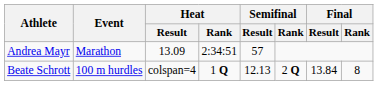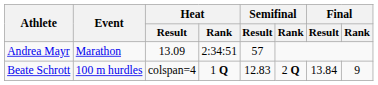 <table class="wikitable" style="font-size:90%">
 <tr>
 <th rowspan="2">Athlete</th>
 <th rowspan="2">Event</th>
 <th colspan="2">Heat</th>
 <th colspan="2">Semifinal</th>
 <th colspan="2">Final</th>
 </tr>
 <tr style="font-size:95%">
 <th>Result</th>
 <th>Rank</th>
 <th>Result</th>
 <th>Rank</th>
 <th>Result</th>
 <th>Rank</th>
 </tr>
 <tr align=center>
 <td align=left><a href='#'>Andrea Mayr</a></td>
 <td align=left><a href='#'>Marathon</a></td>
 <td>13.09</td>
 <td>2:34:51</td>
 <td>57</td>
 </tr>
 <tr align=center>
 <td align=left><a href='#'>Beate Schrott</a></td>
 <td align=left><a href='#'>100 m hurdles</a></td>
 <td>colspan=4 </td>
 <td>1 <strong>Q</strong></td>
-<td>12.13</td>
+<td>12.83</td>
 <td>2 <strong>Q</strong></td>
 <td>13.84</td>
-<td>8</td>
+<td>9</td>
 </tr>
 </table>
